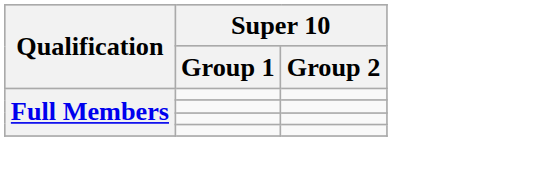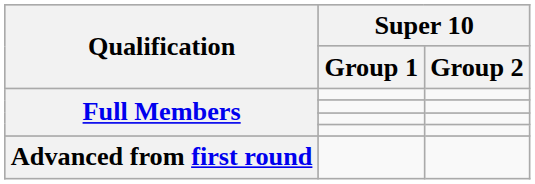 <table class="wikitable">
 <tr>
 <th rowspan=2>Qualification</th>
 <th colspan=2>Super 10</th>
 </tr>
 <tr>
 <th>Group 1</th>
 <th>Group 2</th>
 </tr>
 <tr>
 <th rowspan="4" style="text align:center"><a href='#'>Full Members</a></th>
 <td></td>
 <td></td>
 </tr>
 <tr>
 <td></td>
 <td></td>
 </tr>
 <tr>
 <td></td>
 <td></td>
 </tr>
 <tr>
 <td></td>
 <td></td>
 </tr>
+<tr>
+<th style="text align:center">Advanced from <a href='#'>first round</a></th>
+<td></td>
+<td></td>
+</tr>
 </table>
